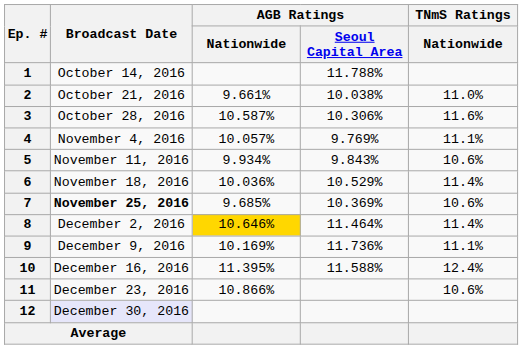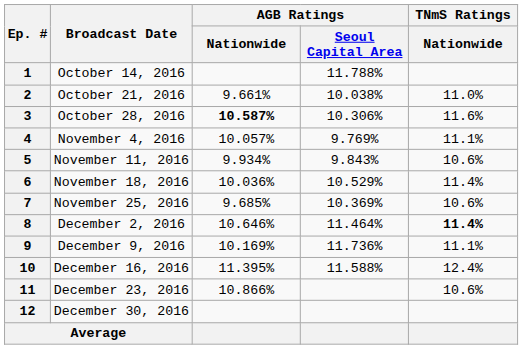 <table class="wikitable" style="text-align:center;">
 <tr>
 <th rowspan=2>Ep. #</th>
 <th rowspan=2>Broadcast Date</th>
 <th colspan=2>AGB Ratings</th>
 <th>TNmS Ratings</th>
 </tr>
 <tr>
 <th width=100>Nationwide</th>
 <th width=100><a href='#'>Seoul Capital Area</a></th>
 <th width=100>Nationwide</th>
 </tr>
 <tr>
 <th>1</th>
 <td>October 14, 2016</td>
 <td></td>
 <td>11.788%</td>
 <td></td>
 </tr>
 <tr>
 <th>2</th>
 <td>October 21, 2016</td>
 <td>9.661%</td>
 <td>10.038%</td>
 <td>11.0%</td>
 </tr>
 <tr>
 <th>3</th>
 <td>October 28, 2016</td>
-<td>10.587%</td>
+<td><strong>10.587%</strong></td>
 <td>10.306%</td>
 <td>11.6%</td>
 </tr>
 <tr>
 <th>4</th>
 <td>November 4, 2016</td>
 <td>10.057%</td>
 <td>9.769%</td>
 <td>11.1%</td>
 </tr>
 <tr>
 <th>5</th>
 <td>November 11, 2016</td>
 <td>9.934%</td>
 <td>9.843%</td>
 <td>10.6%</td>
 </tr>
 <tr>
 <th>6</th>
 <td>November 18, 2016</td>
 <td>10.036%</td>
 <td>10.529%</td>
 <td>11.4%</td>
 </tr>
 <tr>
 <th>7</th>
-<td><strong>November 25, 2016</strong></td>
+<td>November 25, 2016</td>
 <td>9.685%</td>
 <td>10.369%</td>
 <td>10.6%</td>
 </tr>
 <tr>
 <th>8</th>
 <td>December 2, 2016</td>
-<td style="background: gold;">10.646%</td>
+<td>10.646%</td>
 <td>11.464%</td>
-<td>11.4%</td>
+<td><strong>11.4%</strong></td>
 </tr>
 <tr>
 <th>9</th>
 <td>December 9, 2016</td>
 <td>10.169%</td>
 <td>11.736%</td>
 <td>11.1%</td>
 </tr>
 <tr>
 <th>10</th>
 <td>December 16, 2016</td>
 <td>11.395%</td>
 <td>11.588%</td>
 <td>12.4%</td>
 </tr>
 <tr>
 <th>11</th>
 <td>December 23, 2016</td>
 <td>10.866%</td>
 <td></td>
 <td>10.6%</td>
 </tr>
 <tr>
 <th>12</th>
-<td style="background: lavender;">December 30, 2016</td>
+<td>December 30, 2016</td>
 <td></td>
 <td></td>
 <td></td>
 </tr>
 <tr>
 <th colspan="2">Average</th>
 <th></th>
 <th></th>
 <th></th>
 </tr>
 </table>
